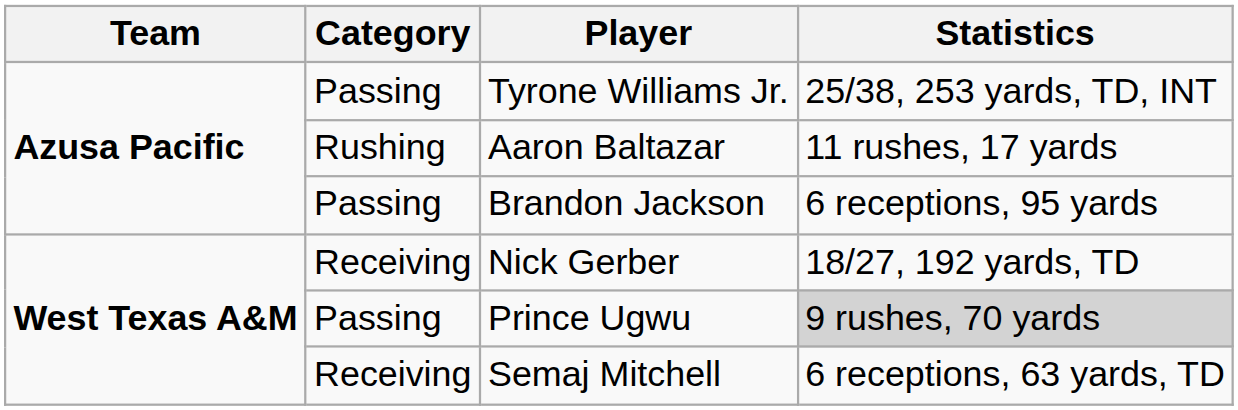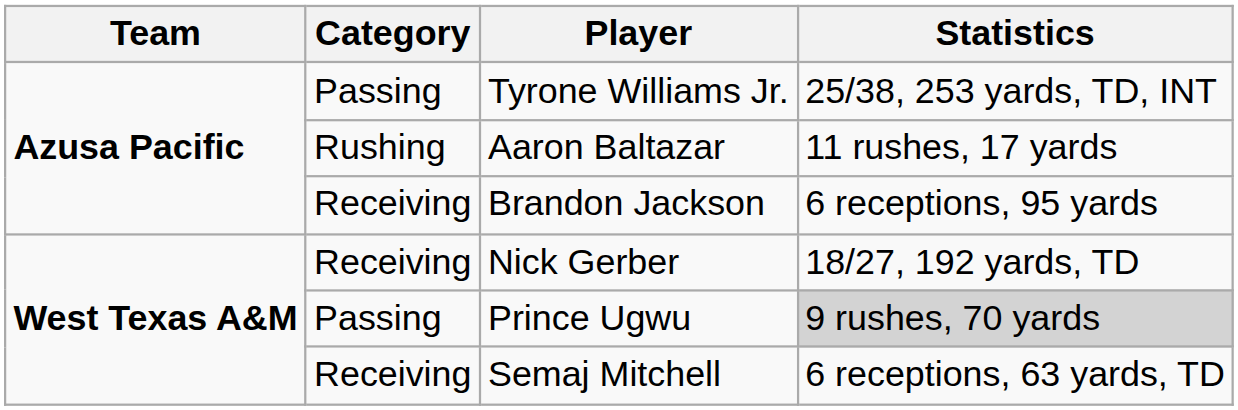 <table class="wikitable" style="float: left;">
 <tr>
 <th>Team</th>
 <th>Category</th>
 <th>Player</th>
 <th>Statistics</th>
 </tr>
 <tr>
 <td rowspan=3><strong>Azusa Pacific</strong></td>
 <td>Passing</td>
 <td>Tyrone Williams Jr.</td>
 <td>25/38, 253 yards, TD, INT</td>
 </tr>
 <tr>
 <td>Rushing</td>
 <td>Aaron Baltazar</td>
 <td>11 rushes, 17 yards</td>
 </tr>
 <tr>
-<td>Passing</td>
+<td>Receiving</td>
 <td>Brandon Jackson</td>
 <td>6 receptions, 95 yards</td>
 </tr>
 <tr>
 <td rowspan=3><strong>West Texas A&M</strong></td>
 <td>Receiving</td>
 <td>Nick Gerber</td>
 <td>18/27, 192 yards, TD</td>
 </tr>
 <tr>
 <td>Passing</td>
 <td>Prince Ugwu</td>
 <td style="background: lightgrey;">9 rushes, 70 yards</td>
 </tr>
 <tr>
 <td>Receiving</td>
 <td>Semaj Mitchell</td>
 <td>6 receptions, 63 yards, TD</td>
 </tr>
 </table>
